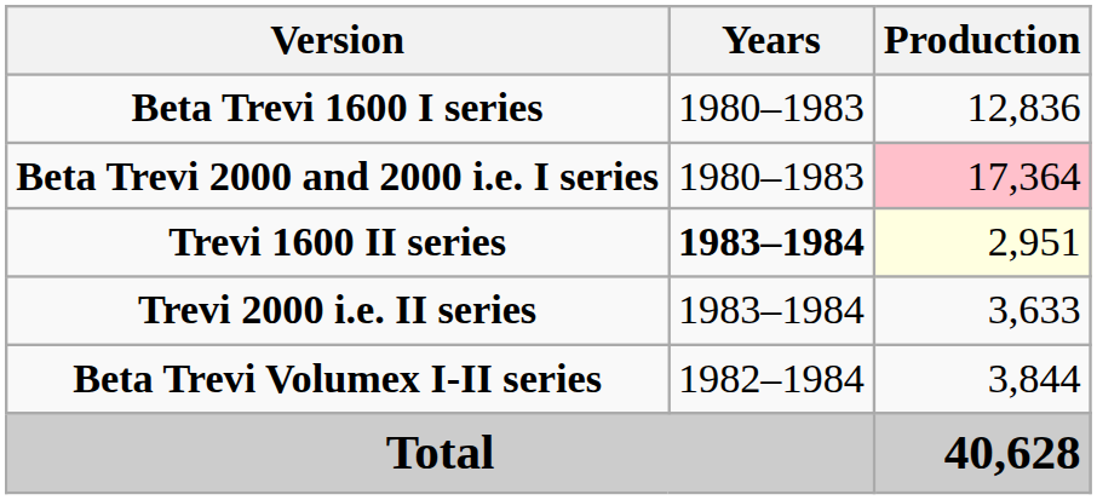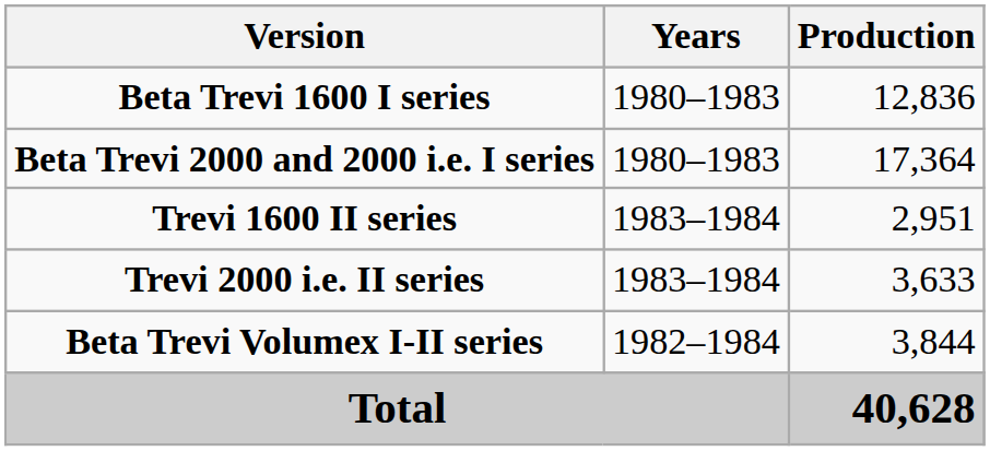 <table class="wikitable" style="text-align:center; font-size:91%;">
 <tr>
 <th style="text-align:center;"><strong>Version</strong></th>
 <th style="text-align:center;"><strong>Years</strong></th>
 <th style="text-align:center;"><strong>Production</strong></th>
 </tr>
 <tr>
 <td><strong>Beta Trevi 1600 I series</strong></td>
 <td style="text-align:center;">1980–1983</td>
 <td style="text-align:right;">12,836</td>
 </tr>
 <tr>
 <td><strong>Beta Trevi 2000 and 2000 i.e. I series</strong></td>
 <td style="text-align:center;">1980–1983</td>
-<td style="background: pink; text-align:right;">17,364</td>
+<td style="text-align:right;">17,364</td>
 </tr>
 <tr>
 <td><strong>Trevi 1600 II series</strong></td>
-<td style="text-align:center;"><strong>1983–1984</strong></td>
-<td style="background: lightyellow; text-align:right;">2,951</td>
+<td style="text-align:center;">1983–1984</td>
+<td style="text-align:right;">2,951</td>
 </tr>
 <tr>
 <td><strong>Trevi 2000 i.e. II series</strong></td>
 <td style="text-align:center;">1983–1984</td>
 <td style="text-align:right;">3,633</td>
 </tr>
 <tr>
 <td><strong>Beta Trevi Volumex I-II series</strong></td>
 <td style="text-align:center;">1982–1984</td>
 <td style="text-align:right;">3,844</td>
 </tr>
 <tr style="background:#ccc;">
 <td colspan="2"  style="text-align:center;"><big><strong>Total</strong></big></td>
 <td style="background:#ccc; text-align:right;"><big><strong>40,628</strong><br></big></td>
 </tr>
 </table>
